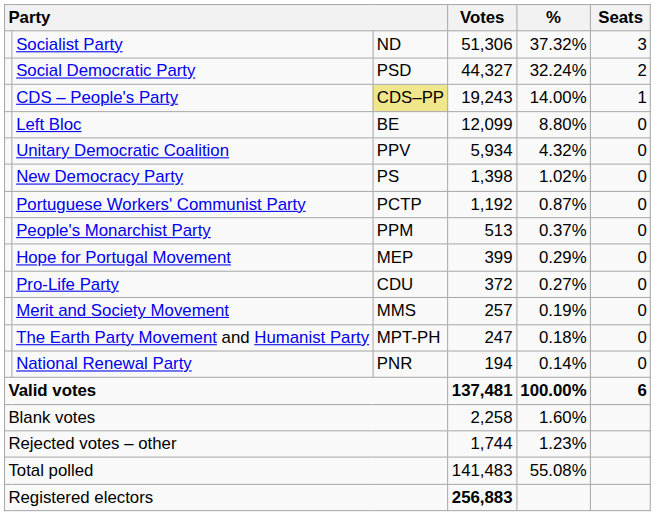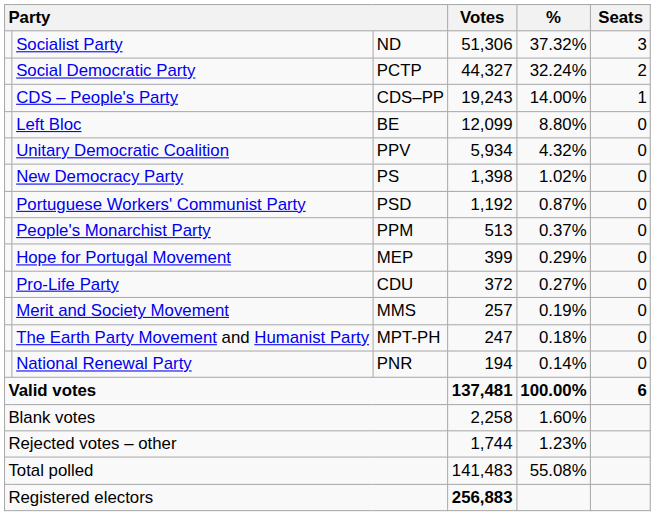 <table class="wikitable" border="1" style="text-align:right;">
 <tr>
 <th style="text-align:left;" colspan=3>Party</th>
 <th align=center width="50">Votes</th>
 <th align=center width="50">%</th>
 <th align=center width="50">Seats</th>
 </tr>
 <tr>
 <td></td>
 <td align=left><a href='#'>Socialist Party</a></td>
 <td align=left>ND</td>
 <td>51,306</td>
 <td>37.32%</td>
 <td>3</td>
 </tr>
 <tr>
 <td></td>
 <td align=left><a href='#'>Social Democratic Party</a></td>
-<td align=left>PSD</td>
+<td align=left>PCTP</td>
 <td>44,327</td>
 <td>32.24%</td>
 <td>2</td>
 </tr>
 <tr>
 <td></td>
 <td align=left><a href='#'>CDS – People's Party</a></td>
-<td align=left style="background: khaki; white-space: nowrap;">CDS–PP</td>
+<td align=left style="white-space: nowrap;">CDS–PP</td>
 <td>19,243</td>
 <td>14.00%</td>
 <td>1</td>
 </tr>
 <tr>
 <td></td>
 <td align=left><a href='#'>Left Bloc</a></td>
 <td align=left>BE</td>
 <td>12,099</td>
 <td>8.80%</td>
 <td>0</td>
 </tr>
 <tr>
 <td></td>
 <td align=left style="white-space: nowrap;"><a href='#'>Unitary Democratic Coalition</a></td>
 <td align=left>PPV</td>
 <td>5,934</td>
 <td>4.32%</td>
 <td>0</td>
 </tr>
 <tr>
 <td></td>
 <td align=left><a href='#'>New Democracy Party</a></td>
 <td align=left>PS</td>
 <td>1,398</td>
 <td>1.02%</td>
 <td>0</td>
 </tr>
 <tr>
 <td></td>
 <td align=left><a href='#'>Portuguese Workers' Communist Party</a></td>
-<td align=left>PCTP</td>
+<td align=left>PSD</td>
 <td>1,192</td>
 <td>0.87%</td>
 <td>0</td>
 </tr>
 <tr>
 <td></td>
 <td align=left><a href='#'>People's Monarchist Party</a></td>
 <td align=left>PPM</td>
 <td>513</td>
 <td>0.37%</td>
 <td>0</td>
 </tr>
 <tr>
 <td></td>
 <td align=left><a href='#'>Hope for Portugal Movement</a></td>
 <td align=left>MEP</td>
 <td>399</td>
 <td>0.29%</td>
 <td>0</td>
 </tr>
 <tr>
 <td></td>
 <td align=left><a href='#'>Pro-Life Party</a></td>
 <td align=left>CDU</td>
 <td>372</td>
 <td>0.27%</td>
 <td>0</td>
 </tr>
 <tr>
 <td></td>
 <td align=left><a href='#'>Merit and Society Movement</a></td>
 <td align=left>MMS</td>
 <td>257</td>
 <td>0.19%</td>
 <td>0</td>
 </tr>
 <tr>
 <td></td>
 <td align=left><a href='#'>The Earth Party Movement</a> and <a href='#'>Humanist Party</a></td>
 <td align=left>MPT-PH</td>
 <td>247</td>
 <td>0.18%</td>
 <td>0</td>
 </tr>
 <tr>
 <td></td>
 <td align=left><a href='#'>National Renewal Party</a></td>
 <td align=left>PNR</td>
 <td>194</td>
 <td>0.14%</td>
 <td>0</td>
 </tr>
 <tr style="font-weight:bold">
 <td align=left colspan=3>Valid votes</td>
 <td>137,481</td>
 <td>100.00%</td>
 <td>6</td>
 </tr>
 <tr>
 <td align=left colspan=3>Blank votes</td>
 <td>2,258</td>
 <td>1.60%</td>
 <td></td>
 </tr>
 <tr>
 <td align=left colspan=3>Rejected votes – other</td>
 <td>1,744</td>
 <td>1.23%</td>
 <td></td>
 </tr>
 <tr>
 <td align=left colspan=3>Total polled</td>
 <td>141,483</td>
 <td>55.08%</td>
 <td></td>
 </tr>
 <tr>
 <td align=left colspan=3>Registered electors</td>
 <td><strong>256,883</strong></td>
 <td></td>
 <td></td>
 </tr>
 </table>
